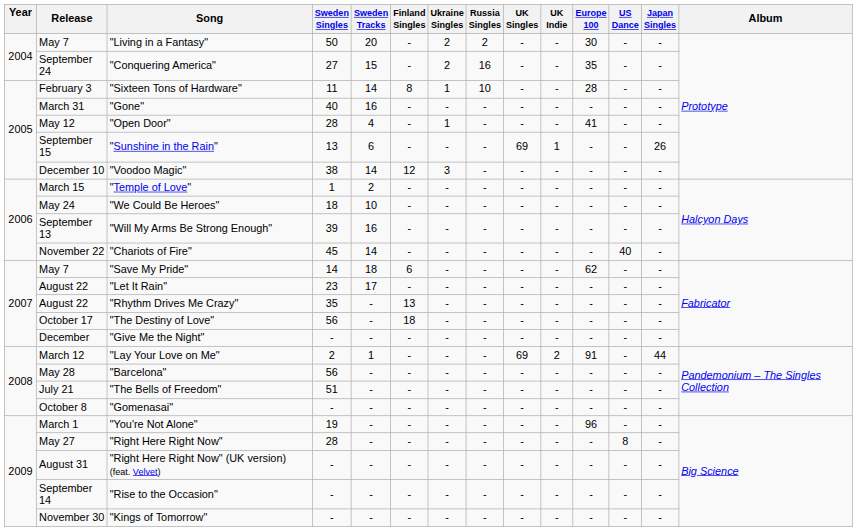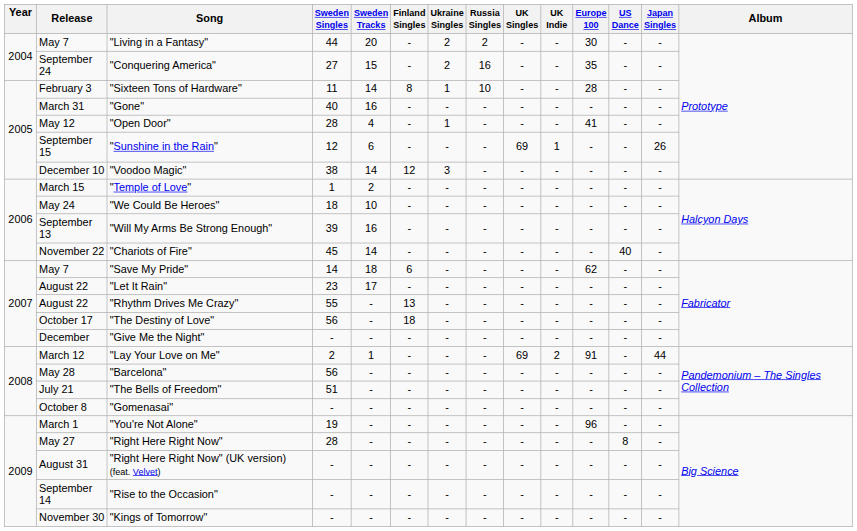 <table class="wikitable">
 <tr>
 <th style="vertical-align:top; text-align:center; width:40px;">Year</th>
 <th align="left">Release</th>
 <th align="left">Song</th>
 <th style="text-align:center; width:40px;"><small><a href='#'>Sweden Singles</a></small></th>
 <th style="text-align:center; width:40px;"><small><a href='#'>Sweden Tracks</a></small></th>
 <th style="text-align:center; width:40px;"><small>Finland Singles</small></th>
 <th style="text-align:center; width:40px;"><small>Ukraine Singles</small></th>
 <th style="text-align:center; width:40px;"><small>Russia Singles</small></th>
 <th style="text-align:center; width:40px;"><small>UK Singles</small></th>
 <th style="text-align:center; width:40px;"><small>UK Indie</small></th>
 <th style="text-align:center; width:40px;"><small><a href='#'>Europe 100</a></small></th>
 <th style="text-align:center; width:40px;"><small><a href='#'>US Dance</a></small></th>
 <th style="text-align:center; width:40px;"><small><a href='#'>Japan Singles</a></small></th>
 <th align="left">Album</th>
 </tr>
 <tr>
 <td style="text-align:center;" rowspan="2">2004</td>
 <td align="left">May 7</td>
 <td align="left">"Living in a Fantasy"</td>
-<td style="text-align:center;">50</td>
+<td style="text-align:center;">44</td>
 <td style="text-align:center;">20</td>
 <td style="text-align:center;">-</td>
 <td style="text-align:center;">2</td>
 <td style="text-align:center;">2</td>
 <td style="text-align:center;">-</td>
 <td style="text-align:center;">-</td>
 <td style="text-align:center;">30</td>
 <td style="text-align:center;">-</td>
 <td style="text-align:center;">-</td>
 <td style="text-align:left;" rowspan="7"><em><a href='#'>Prototype</a></em></td>
 </tr>
 <tr>
 <td align="left">September 24</td>
 <td align="left">"Conquering America"</td>
 <td style="text-align:center;">27</td>
 <td style="text-align:center;">15</td>
 <td style="text-align:center;">-</td>
 <td style="text-align:center;">2</td>
 <td style="text-align:center;">16</td>
 <td style="text-align:center;">-</td>
 <td style="text-align:center;">-</td>
 <td style="text-align:center;">35</td>
 <td style="text-align:center;">-</td>
 <td style="text-align:center;">-</td>
 </tr>
 <tr>
 <td style="text-align:center;" rowspan="5">2005</td>
 <td align="left">February 3</td>
 <td align="left">"Sixteen Tons of Hardware"</td>
 <td style="text-align:center;">11</td>
 <td style="text-align:center;">14</td>
 <td style="text-align:center;">8</td>
 <td style="text-align:center;">1</td>
 <td style="text-align:center;">10</td>
 <td style="text-align:center;">-</td>
 <td style="text-align:center;">-</td>
 <td style="text-align:center;">28</td>
 <td style="text-align:center;">-</td>
 <td style="text-align:center;">-</td>
 </tr>
 <tr>
 <td align="left">March 31</td>
 <td align="left">"Gone"</td>
 <td style="text-align:center;">40</td>
 <td style="text-align:center;">16</td>
 <td style="text-align:center;">-</td>
 <td style="text-align:center;">-</td>
 <td style="text-align:center;">-</td>
 <td style="text-align:center;">-</td>
 <td style="text-align:center;">-</td>
 <td style="text-align:center;">-</td>
 <td style="text-align:center;">-</td>
 <td style="text-align:center;">-</td>
 </tr>
 <tr>
 <td align="left">May 12</td>
 <td align="left">"Open Door"</td>
 <td style="text-align:center;">28</td>
 <td style="text-align:center;">4</td>
 <td style="text-align:center;">-</td>
 <td style="text-align:center;">1</td>
 <td style="text-align:center;">-</td>
 <td style="text-align:center;">-</td>
 <td style="text-align:center;">-</td>
 <td style="text-align:center;">41</td>
 <td style="text-align:center;">-</td>
 <td style="text-align:center;">-</td>
 </tr>
 <tr>
 <td align="left">September 15</td>
 <td align="left">"<a href='#'>Sunshine in the Rain</a>"</td>
-<td style="text-align:center;">13</td>
+<td style="text-align:center;">12</td>
 <td style="text-align:center;">6</td>
 <td style="text-align:center;">-</td>
 <td style="text-align:center;">-</td>
 <td style="text-align:center;">-</td>
 <td style="text-align:center;">69</td>
 <td style="text-align:center;">1</td>
 <td style="text-align:center;">-</td>
 <td style="text-align:center;">-</td>
 <td style="text-align:center;">26</td>
 </tr>
 <tr>
 <td align="left">December 10</td>
 <td align="left">"Voodoo Magic"</td>
 <td style="text-align:center;">38</td>
 <td style="text-align:center;">14</td>
 <td style="text-align:center;">12</td>
 <td style="text-align:center;">3</td>
 <td style="text-align:center;">-</td>
 <td style="text-align:center;">-</td>
 <td style="text-align:center;">-</td>
 <td style="text-align:center;">-</td>
 <td style="text-align:center;">-</td>
 <td style="text-align:center;">-</td>
 </tr>
 <tr>
 <td style="text-align:center;" rowspan="4">2006</td>
 <td align="left">March 15</td>
 <td align="left">"<a href='#'>Temple of Love</a>"</td>
 <td style="text-align:center;">1</td>
 <td style="text-align:center;">2</td>
 <td style="text-align:center;">-</td>
 <td style="text-align:center;">-</td>
 <td style="text-align:center;">-</td>
 <td style="text-align:center;">-</td>
 <td style="text-align:center;">-</td>
 <td style="text-align:center;">-</td>
 <td style="text-align:center;">-</td>
 <td style="text-align:center;">-</td>
 <td style="text-align:left;" rowspan="4"><em><a href='#'>Halcyon Days</a></em></td>
 </tr>
 <tr>
 <td align="left">May 24</td>
 <td align="left">"We Could Be Heroes"</td>
 <td style="text-align:center;">18</td>
 <td style="text-align:center;">10</td>
 <td style="text-align:center;">-</td>
 <td style="text-align:center;">-</td>
 <td style="text-align:center;">-</td>
 <td style="text-align:center;">-</td>
 <td style="text-align:center;">-</td>
 <td style="text-align:center;">-</td>
 <td style="text-align:center;">-</td>
 <td style="text-align:center;">-</td>
 </tr>
 <tr>
 <td align="left">September 13</td>
 <td align="left">"Will My Arms Be Strong Enough"</td>
 <td style="text-align:center;">39</td>
 <td style="text-align:center;">16</td>
 <td style="text-align:center;">-</td>
 <td style="text-align:center;">-</td>
 <td style="text-align:center;">-</td>
 <td style="text-align:center;">-</td>
 <td style="text-align:center;">-</td>
 <td style="text-align:center;">-</td>
 <td style="text-align:center;">-</td>
 <td style="text-align:center;">-</td>
 </tr>
 <tr>
 <td align="left">November 22</td>
 <td align="left">"Chariots of Fire"</td>
 <td style="text-align:center;">45</td>
 <td style="text-align:center;">14</td>
 <td style="text-align:center;">-</td>
 <td style="text-align:center;">-</td>
 <td style="text-align:center;">-</td>
 <td style="text-align:center;">-</td>
 <td style="text-align:center;">-</td>
 <td style="text-align:center;">-</td>
 <td style="text-align:center;">40</td>
 <td style="text-align:center;">-</td>
 </tr>
 <tr>
 <td style="text-align:center;" rowspan="5">2007</td>
 <td align="left">May 7</td>
 <td align="left">"Save My Pride"</td>
 <td style="text-align:center;">14</td>
 <td style="text-align:center;">18</td>
 <td style="text-align:center;">6</td>
 <td style="text-align:center;">-</td>
 <td style="text-align:center;">-</td>
 <td style="text-align:center;">-</td>
 <td style="text-align:center;">-</td>
 <td style="text-align:center;">62</td>
 <td style="text-align:center;">-</td>
 <td style="text-align:center;">-</td>
 <td style="text-align:left;" rowspan="5"><em><a href='#'>Fabricator</a></em></td>
 </tr>
 <tr>
 <td align="left">August 22</td>
 <td align="left">"Let It Rain"</td>
 <td style="text-align:center;">23</td>
 <td style="text-align:center;">17</td>
 <td style="text-align:center;">-</td>
 <td style="text-align:center;">-</td>
 <td style="text-align:center;">-</td>
 <td style="text-align:center;">-</td>
 <td style="text-align:center;">-</td>
 <td style="text-align:center;">-</td>
 <td style="text-align:center;">-</td>
 <td style="text-align:center;">-</td>
 </tr>
 <tr>
 <td align="left">August 22</td>
 <td align="left">"Rhythm Drives Me Crazy"</td>
-<td style="text-align:center;">35</td>
+<td style="text-align:center;">55</td>
 <td style="text-align:center;">-</td>
 <td style="text-align:center;">13</td>
 <td style="text-align:center;">-</td>
 <td style="text-align:center;">-</td>
 <td style="text-align:center;">-</td>
 <td style="text-align:center;">-</td>
 <td style="text-align:center;">-</td>
 <td style="text-align:center;">-</td>
 <td style="text-align:center;">-</td>
 </tr>
 <tr>
 <td align="left">October 17</td>
 <td align="left">"The Destiny of Love"</td>
 <td style="text-align:center;">56</td>
 <td style="text-align:center;">-</td>
 <td style="text-align:center;">18</td>
 <td style="text-align:center;">-</td>
 <td style="text-align:center;">-</td>
 <td style="text-align:center;">-</td>
 <td style="text-align:center;">-</td>
 <td style="text-align:center;">-</td>
 <td style="text-align:center;">-</td>
 <td style="text-align:center;">-</td>
 </tr>
 <tr>
 <td align="left">December</td>
 <td align="left">"Give Me the Night"</td>
 <td style="text-align:center;">-</td>
 <td style="text-align:center;">-</td>
 <td style="text-align:center;">-</td>
 <td style="text-align:center;">-</td>
 <td style="text-align:center;">-</td>
 <td style="text-align:center;">-</td>
 <td style="text-align:center;">-</td>
 <td style="text-align:center;">-</td>
 <td style="text-align:center;">-</td>
 <td style="text-align:center;">-</td>
 </tr>
 <tr>
 <td style="text-align:center;" rowspan="4">2008</td>
 <td align="left">March 12</td>
 <td align="left">"Lay Your Love on Me"</td>
 <td style="text-align:center;">2</td>
 <td style="text-align:center;">1</td>
 <td style="text-align:center;">-</td>
 <td style="text-align:center;">-</td>
 <td style="text-align:center;">-</td>
 <td style="text-align:center;">69</td>
 <td style="text-align:center;">2</td>
 <td style="text-align:center;">91</td>
 <td style="text-align:center;">-</td>
 <td style="text-align:center;">44</td>
 <td style="text-align:left;" rowspan="4"><em><a href='#'>Pandemonium – The Singles Collection</a></em></td>
 </tr>
 <tr>
 <td align="left">May 28</td>
 <td align="left">"Barcelona"</td>
 <td style="text-align:center;">56</td>
 <td style="text-align:center;">-</td>
 <td style="text-align:center;">-</td>
 <td style="text-align:center;">-</td>
 <td style="text-align:center;">-</td>
 <td style="text-align:center;">-</td>
 <td style="text-align:center;">-</td>
 <td style="text-align:center;">-</td>
 <td style="text-align:center;">-</td>
 <td style="text-align:center;">-</td>
 </tr>
 <tr>
 <td align="left">July 21</td>
 <td align="left">"The Bells of Freedom"</td>
 <td style="text-align:center;">51</td>
 <td style="text-align:center;">-</td>
 <td style="text-align:center;">-</td>
 <td style="text-align:center;">-</td>
 <td style="text-align:center;">-</td>
 <td style="text-align:center;">-</td>
 <td style="text-align:center;">-</td>
 <td style="text-align:center;">-</td>
 <td style="text-align:center;">-</td>
 <td style="text-align:center;">-</td>
 </tr>
 <tr>
 <td align="left">October 8</td>
 <td align="left">"Gomenasai"</td>
 <td style="text-align:center;">-</td>
 <td style="text-align:center;">-</td>
 <td style="text-align:center;">-</td>
 <td style="text-align:center;">-</td>
 <td style="text-align:center;">-</td>
 <td style="text-align:center;">-</td>
 <td style="text-align:center;">-</td>
 <td style="text-align:center;">-</td>
 <td style="text-align:center;">-</td>
 <td style="text-align:center;">-</td>
 </tr>
 <tr>
 <td style="text-align:center;" rowspan="5">2009</td>
 <td align="left">March 1</td>
 <td align="left">"You're Not Alone"</td>
 <td style="text-align:center;">19</td>
 <td style="text-align:center;">-</td>
 <td style="text-align:center;">-</td>
 <td style="text-align:center;">-</td>
 <td style="text-align:center;">-</td>
 <td style="text-align:center;">-</td>
 <td style="text-align:center;">-</td>
 <td style="text-align:center;">96</td>
 <td style="text-align:center;">-</td>
 <td style="text-align:center;">-</td>
 <td style="text-align:left;" rowspan="5"><em><a href='#'>Big Science</a></em></td>
 </tr>
 <tr>
 <td align="left">May 27</td>
 <td align="left">"Right Here Right Now"</td>
 <td style="text-align:center;">28</td>
 <td style="text-align:center;">-</td>
 <td style="text-align:center;">-</td>
 <td style="text-align:center;">-</td>
 <td style="text-align:center;">-</td>
 <td style="text-align:center;">-</td>
 <td style="text-align:center;">-</td>
 <td style="text-align:center;">-</td>
 <td style="text-align:center;">8</td>
 <td style="text-align:center;">-</td>
 </tr>
 <tr>
 <td align="left">August 31</td>
 <td align="left">"Right Here Right Now" (UK version) <small>(feat. <a href='#'>Velvet</a>)</small></td>
 <td style="text-align:center;">-</td>
 <td style="text-align:center;">-</td>
 <td style="text-align:center;">-</td>
 <td style="text-align:center;">-</td>
 <td style="text-align:center;">-</td>
 <td style="text-align:center;">-</td>
 <td style="text-align:center;">-</td>
 <td style="text-align:center;">-</td>
 <td style="text-align:center;">-</td>
 <td style="text-align:center;">-</td>
 </tr>
 <tr>
 <td align="left">September 14</td>
 <td align="left">"Rise to the Occasion"</td>
 <td style="text-align:center;">-</td>
 <td style="text-align:center;">-</td>
 <td style="text-align:center;">-</td>
 <td style="text-align:center;">-</td>
 <td style="text-align:center;">-</td>
 <td style="text-align:center;">-</td>
 <td style="text-align:center;">-</td>
 <td style="text-align:center;">-</td>
 <td style="text-align:center;">-</td>
 <td style="text-align:center;">-</td>
 </tr>
 <tr>
 <td align="left">November 30</td>
 <td align="left">"Kings of Tomorrow"</td>
 <td style="text-align:center;">-</td>
 <td style="text-align:center;">-</td>
 <td style="text-align:center;">-</td>
 <td style="text-align:center;">-</td>
 <td style="text-align:center;">-</td>
 <td style="text-align:center;">-</td>
 <td style="text-align:center;">-</td>
 <td style="text-align:center;">-</td>
 <td style="text-align:center;">-</td>
 <td style="text-align:center;">-</td>
 </tr>
 </table>
